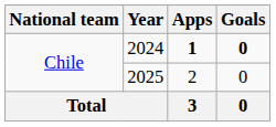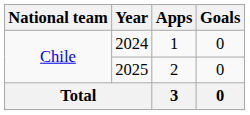 <table class=wikitable style=text-align:center>
 <tr>
 <th>National team</th>
 <th>Year</th>
 <th>Apps</th>
 <th>Goals</th>
 </tr>
 <tr>
 <td rowspan="2"><a href='#'>Chile</a></td>
 <td>2024</td>
-<td><strong>1</strong></td>
-<td><strong>0</strong></td>
+<td>1</td>
+<td>0</td>
 </tr>
 <tr>
 <td>2025</td>
 <td>2</td>
 <td>0</td>
 </tr>
 <tr>
 <th colspan="2">Total</th>
 <th>3</th>
 <th>0</th>
 </tr>
 </table>
